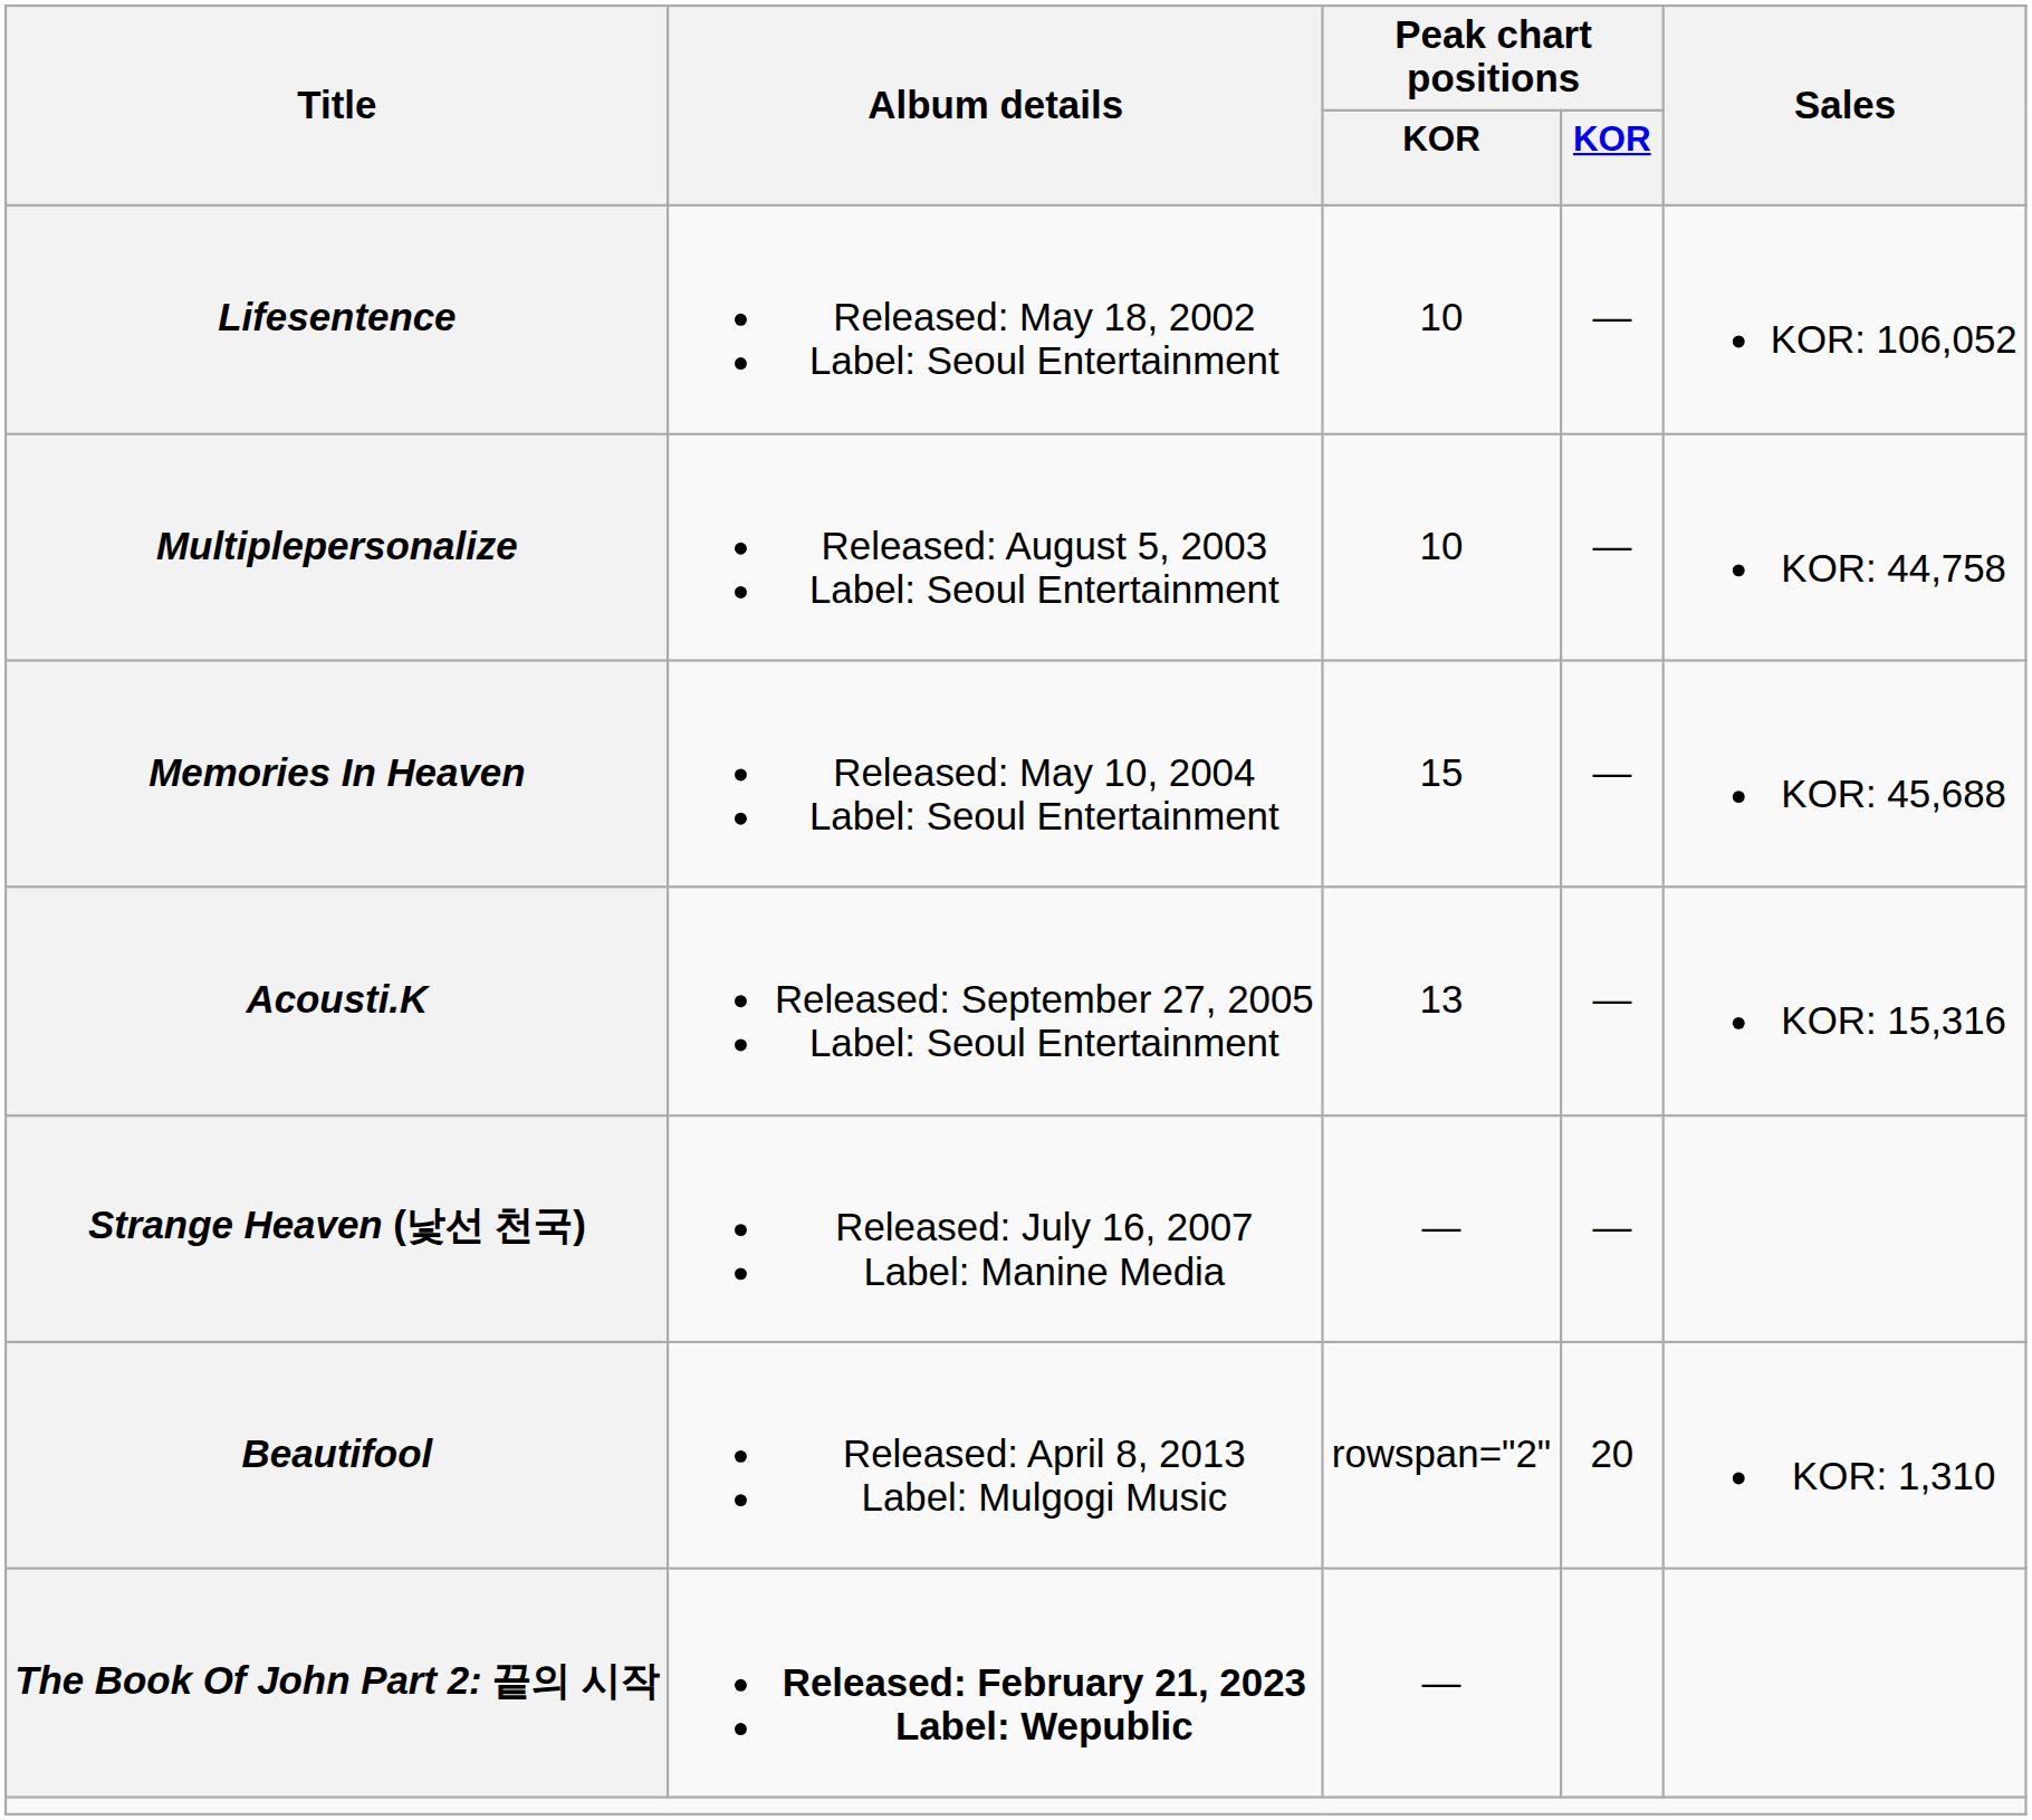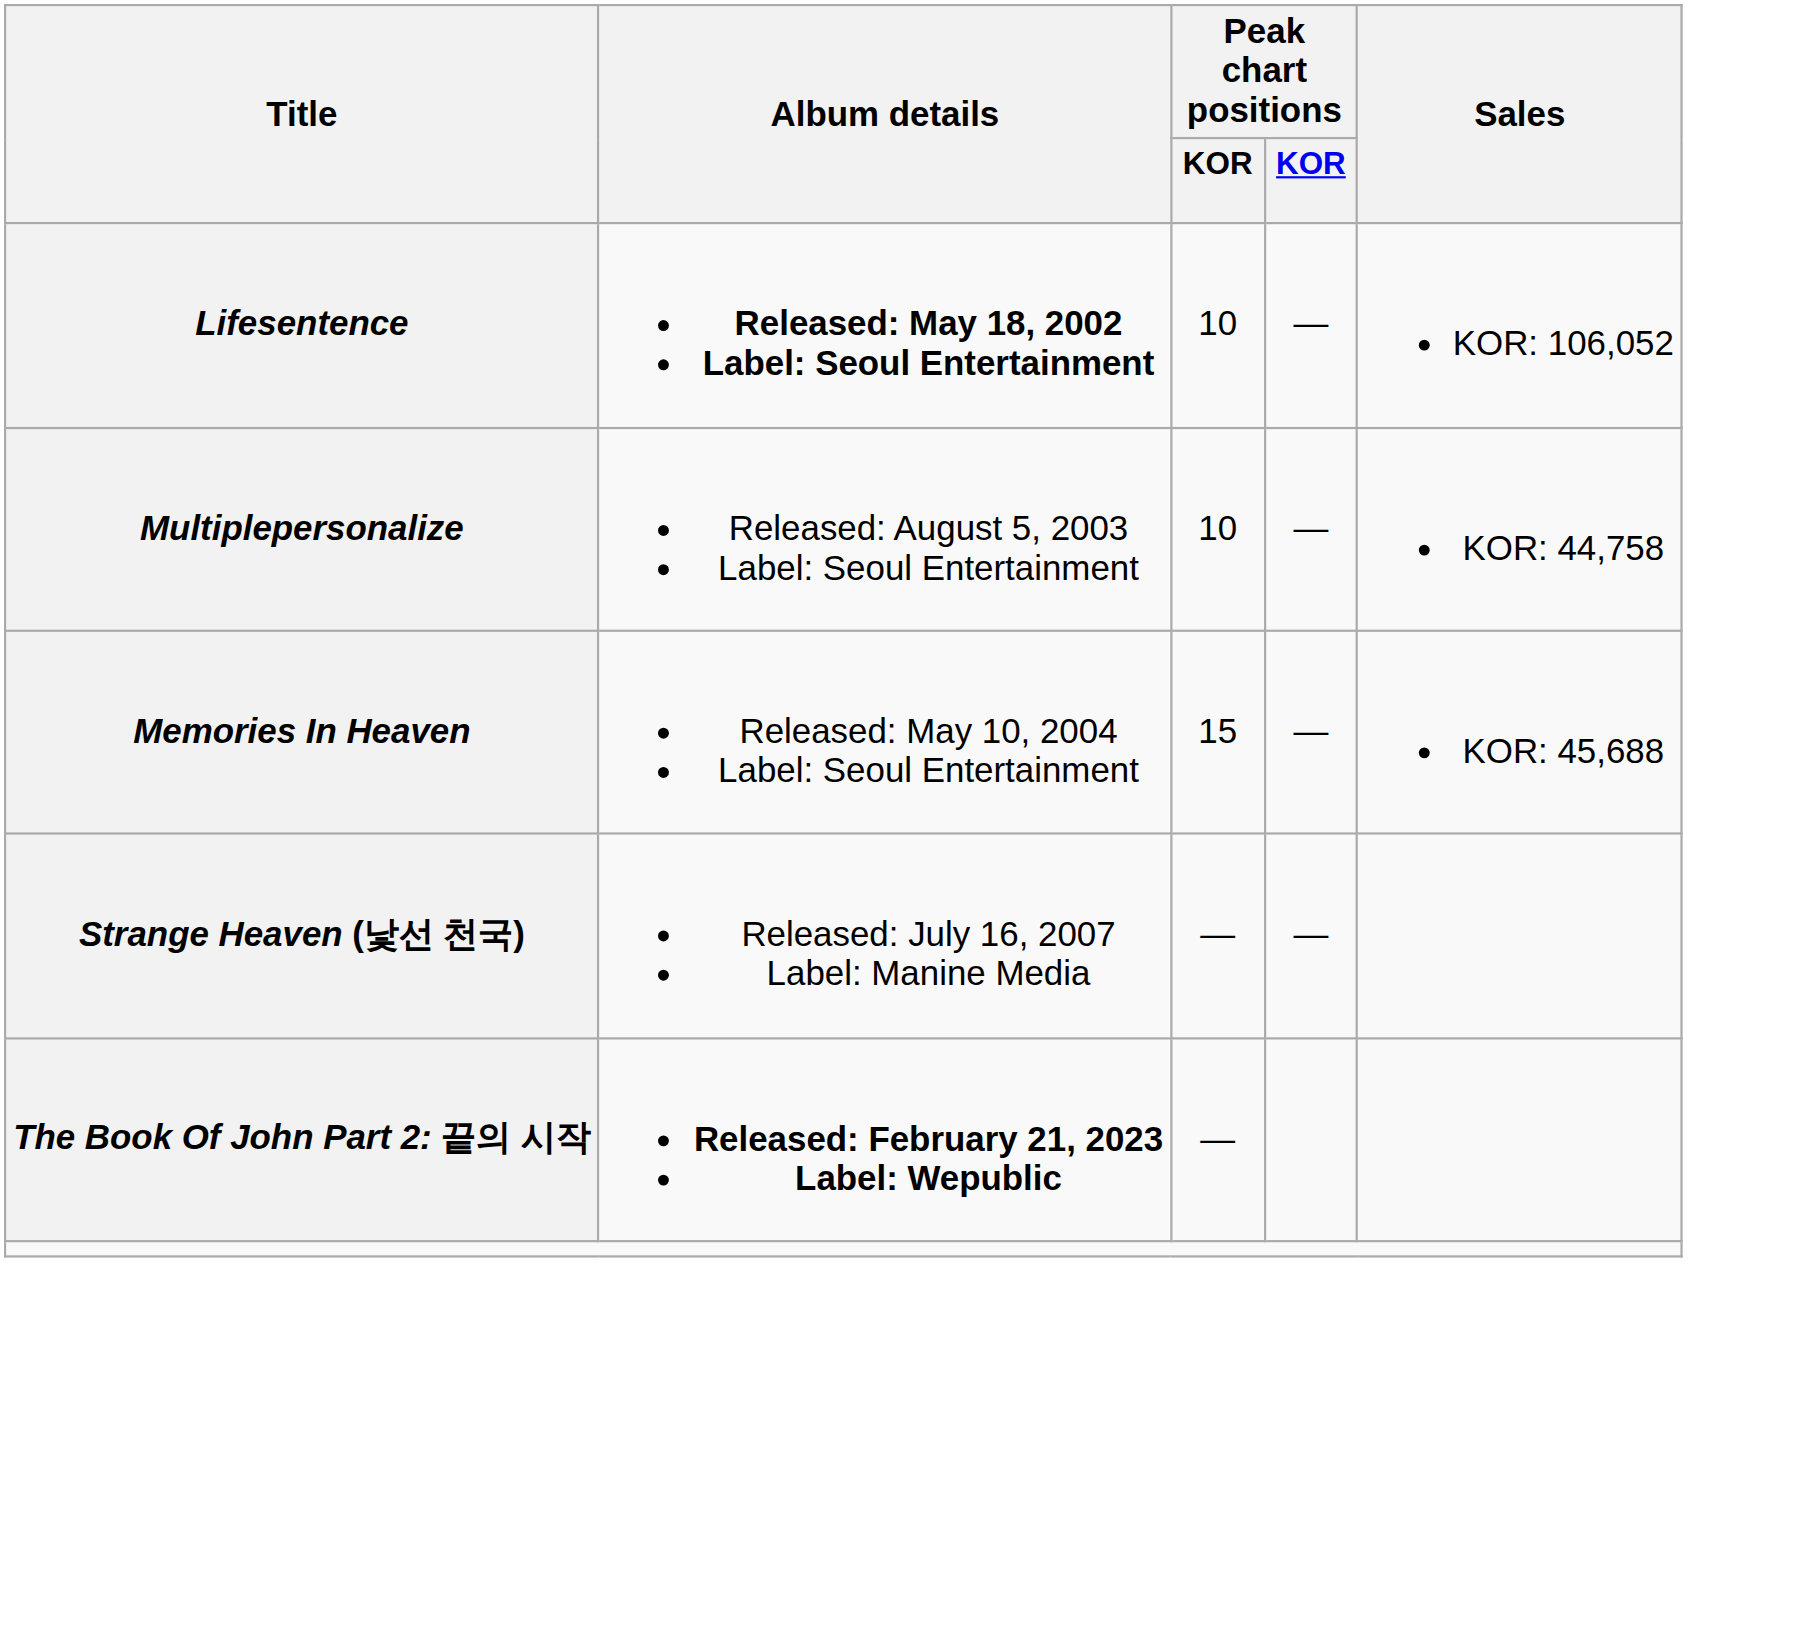 <table class="wikitable plainrowheaders" style="text-align:center;">
 <tr>
 <th rowspan="2" scope="col">Title</th>
 <th rowspan="2" scope="col">Album details</th>
 <th colspan="2" scope="col">Peak chart positions</th>
 <th rowspan="2" scope="col">Sales</th>
 </tr>
 <tr>
 <th scope="col" style="width:2.5em;font-size:90%;">KOR<br><br></th>
 <th scope="col" style="width:2.5em;font-size:90%;"><a href='#'>KOR<br></a><br></th>
 </tr>
 <tr>
 <th scope="row"><em>Lifesentence</em></th>
-<td><br><ul><li>Released: May 18, 2002</li><li>Label: Seoul Entertainment</li></ul></td>
+<td><strong><br><ul><li>Released: May 18, 2002</li><li>Label: Seoul Entertainment</li></ul></strong></td>
 <td>10</td>
 <td>—</td>
 <td><br><ul><li>KOR: 106,052</li></ul></td>
 </tr>
 <tr>
 <th scope="row"><em>Multiplepersonalize</em></th>
 <td><br><ul><li>Released: August 5, 2003</li><li>Label: Seoul Entertainment</li></ul></td>
 <td>10</td>
 <td>—</td>
 <td><br><ul><li>KOR: 44,758</li></ul></td>
 </tr>
 <tr>
 <th scope="row"><em>Memories In Heaven</em></th>
 <td><br><ul><li>Released: May 10, 2004</li><li>Label: Seoul Entertainment</li></ul></td>
 <td>15</td>
 <td>—</td>
 <td><br><ul><li>KOR: 45,688</li></ul></td>
 </tr>
 <tr>
-<th scope="row"><em>Acousti.K</em></th>
-<td><br><ul><li>Released: September 27, 2005</li><li>Label: Seoul Entertainment</li></ul></td>
-<td>13</td>
-<td>—</td>
-<td><br><ul><li>KOR: 15,316</li></ul></td>
-</tr>
-<tr>
 <th scope="row"><em>Strange Heaven</em> (낯선 천국)</th>
 <td><br><ul><li>Released: July 16, 2007</li><li>Label: Manine Media</li></ul></td>
 <td>—</td>
 <td>—</td>
 <td></td>
-</tr>
-<tr>
-<th scope="row"><em>Beautifool</em></th>
-<td><br><ul><li>Released: April 8, 2013</li><li>Label: Mulgogi Music</li></ul></td>
-<td>rowspan="2" </td>
-<td>20</td>
-<td><br><ul><li>KOR: 1,310</li></ul></td>
 </tr>
 <tr>
 <th scope="row"><em>The Book Of John Part 2:</em> 끝의 시작</th>
 <td><strong><br><ul><li>Released: February 21, 2023</li><li>Label: Wepublic</li></ul></strong></td>
 <td>—</td>
 <td></td>
 </tr>
 <tr>
 <td colspan="5"></td>
 </tr>
 </table>
